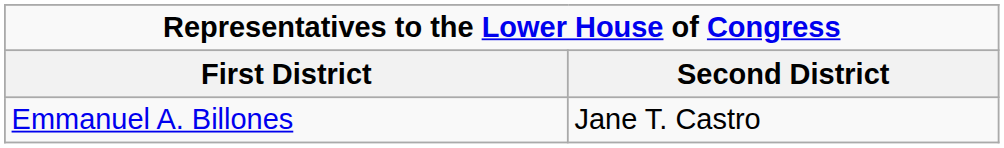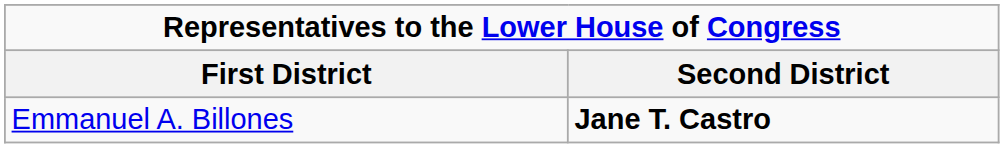 <table class="wikitable" style="width: 550px;">
 <tr>
 <td colspan=2 align=center><strong>Representatives to the <a href='#'>Lower House</a> of <a href='#'>Congress</a></strong></td>
 </tr>
 <tr>
 <th>First District</th>
 <th>Second District</th>
 </tr>
 <tr>
 <td><a href='#'>Emmanuel A. Billones</a></td>
-<td>Jane T. Castro</td>
+<td><strong>Jane T. Castro</strong></td>
 </tr>
 </table>
